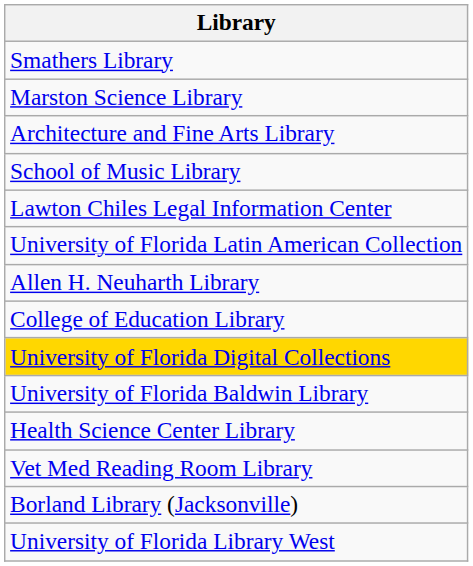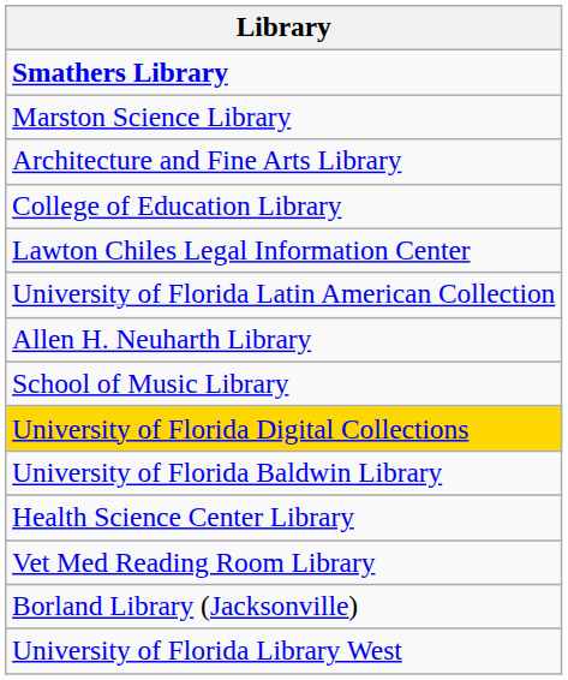 <table class="wikitable sortable">
 <tr>
 <th>Library</th>
 </tr>
 <tr valign="top">
-<td><a href='#'>Smathers Library</a></td>
+<td><strong><a href='#'>Smathers Library</a></strong></td>
 </tr>
 <tr valign="top">
 <td><a href='#'>Marston Science Library</a></td>
 </tr>
 <tr valign="top">
 <td><a href='#'>Architecture and Fine Arts Library</a></td>
 </tr>
 <tr valign="top">
-<td><a href='#'>School of Music Library</a></td>
+<td><a href='#'>College of Education Library</a></td>
 </tr>
 <tr valign="top">
 <td><a href='#'>Lawton Chiles Legal Information Center</a></td>
 </tr>
 <tr valign="top">
 <td><a href='#'>University of Florida Latin American Collection</a></td>
 </tr>
 <tr valign="top">
 <td><a href='#'>Allen H. Neuharth Library</a></td>
 </tr>
 <tr valign="top">
-<td><a href='#'>College of Education Library</a></td>
+<td><a href='#'>School of Music Library</a></td>
 </tr>
 <tr valign="top">
 <td style="background: gold;"><a href='#'>University of Florida Digital Collections</a></td>
 </tr>
 <tr valign="top">
 <td><a href='#'>University of Florida Baldwin Library</a></td>
 </tr>
 <tr valign="top">
 <td><a href='#'>Health Science Center Library</a></td>
 </tr>
 <tr valign="top">
 <td><a href='#'>Vet Med Reading Room Library</a></td>
 </tr>
 <tr valign="top">
 <td><a href='#'>Borland Library</a> (<a href='#'>Jacksonville</a>)</td>
 </tr>
 <tr valign="top">
 <td><a href='#'>University of Florida Library West</a></td>
 </tr>
 </table>
